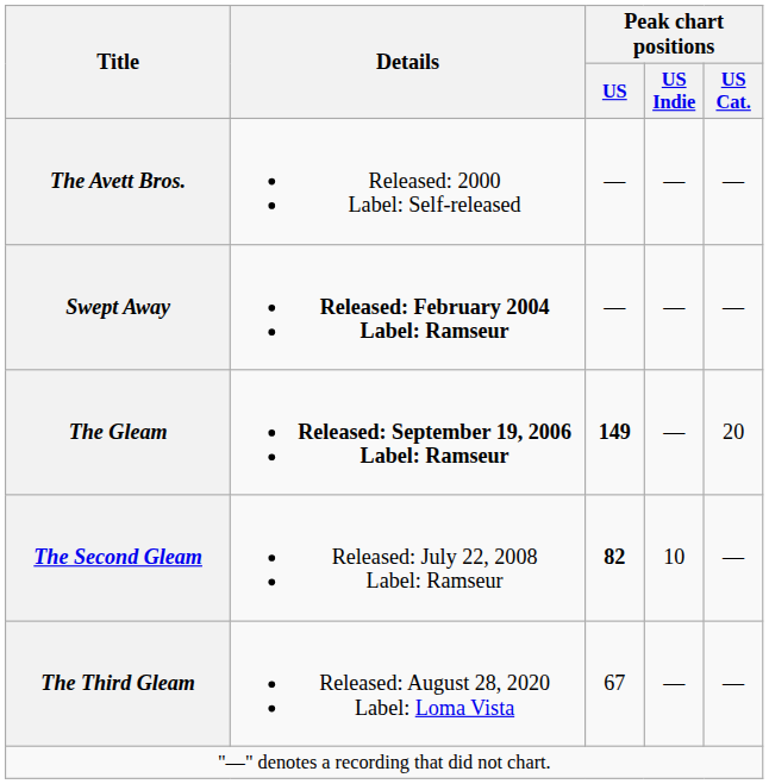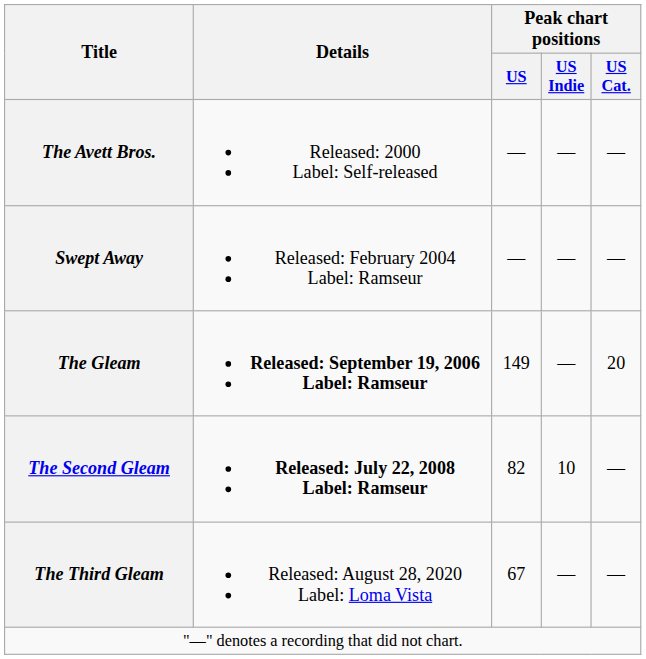 <table class="wikitable plainrowheaders" style="text-align:center;">
 <tr>
 <th rowspan="2" style="width:10em;">Title</th>
 <th rowspan="2" style="width:16em;">Details</th>
 <th colspan="3">Peak chart positions</th>
 </tr>
 <tr>
 <th style="width:2.6em; font-size:90%;"><a href='#'>US</a><br></th>
 <th style="width:2.6em; font-size:90%;"><a href='#'>US<br>Indie</a><br></th>
 <th style="width:2.6em; font-size:90%;"><a href='#'>US<br>Cat.</a><br></th>
 </tr>
 <tr>
 <th scope="row"><em>The Avett Bros.</em></th>
 <td><br><ul><li>Released: 2000</li><li>Label: Self-released</li></ul></td>
 <td>—</td>
 <td>—</td>
 <td>—</td>
 </tr>
 <tr>
 <th scope="row"><em>Swept Away</em></th>
-<td><strong><br><ul><li>Released: February 2004</li><li>Label: Ramseur</li></ul></strong></td>
+<td><br><ul><li>Released: February 2004</li><li>Label: Ramseur</li></ul></td>
 <td>—</td>
 <td>—</td>
 <td>—</td>
 </tr>
 <tr>
 <th scope="row"><em>The Gleam</em></th>
 <td><strong><br><ul><li>Released: September 19, 2006</li><li>Label: Ramseur</li></ul></strong></td>
-<td><strong>149</strong></td>
+<td>149</td>
 <td>—</td>
 <td>20</td>
 </tr>
 <tr>
 <th scope="row"><em><a href='#'>The Second Gleam</a></em></th>
-<td><br><ul><li>Released: July 22, 2008</li><li>Label: Ramseur</li></ul></td>
-<td><strong>82</strong></td>
+<td><strong><br><ul><li>Released: July 22, 2008</li><li>Label: Ramseur</li></ul></strong></td>
+<td>82</td>
 <td>10</td>
 <td>—</td>
 </tr>
 <tr>
 <th scope="row"><em>The Third Gleam</em></th>
 <td><br><ul><li>Released: August 28, 2020</li><li>Label: <a href='#'>Loma Vista</a></li></ul></td>
 <td>67</td>
 <td>—</td>
 <td>—</td>
 </tr>
 <tr>
 <td colspan="9" style="font-size:90%">"—" denotes a recording that did not chart.</td>
 </tr>
 </table>
